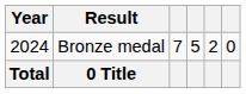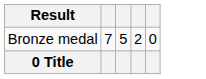 <table class="wikitable" style="text-align: center;">
 <tr>
-<th>Year</th>
 <th>Result</th>
 <th></th>
 <th></th>
 <th></th>
 <th></th>
 </tr>
 <tr>
-<td> 2024</td>
 <td> Bronze medal</td>
 <td>7</td>
 <td>5</td>
 <td>2</td>
 <td>0</td>
 </tr>
 <tr>
-<th>Total</th>
 <th>0 Title</th>
 <th></th>
 <th></th>
 <th></th>
 <th></th>
 </tr>
 </table>
